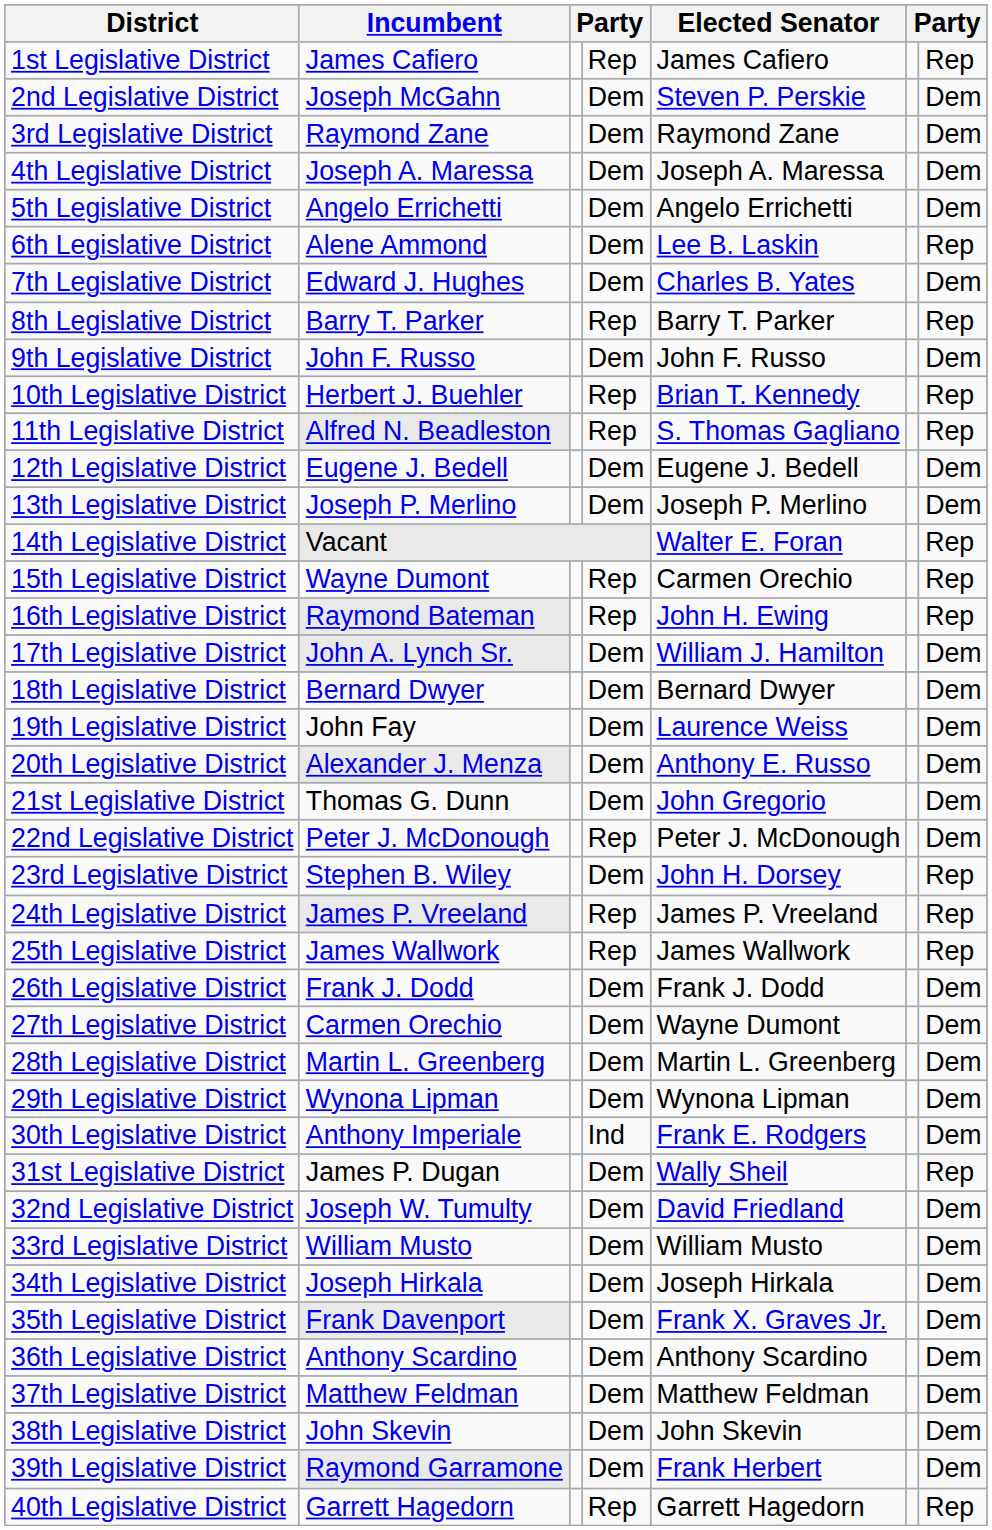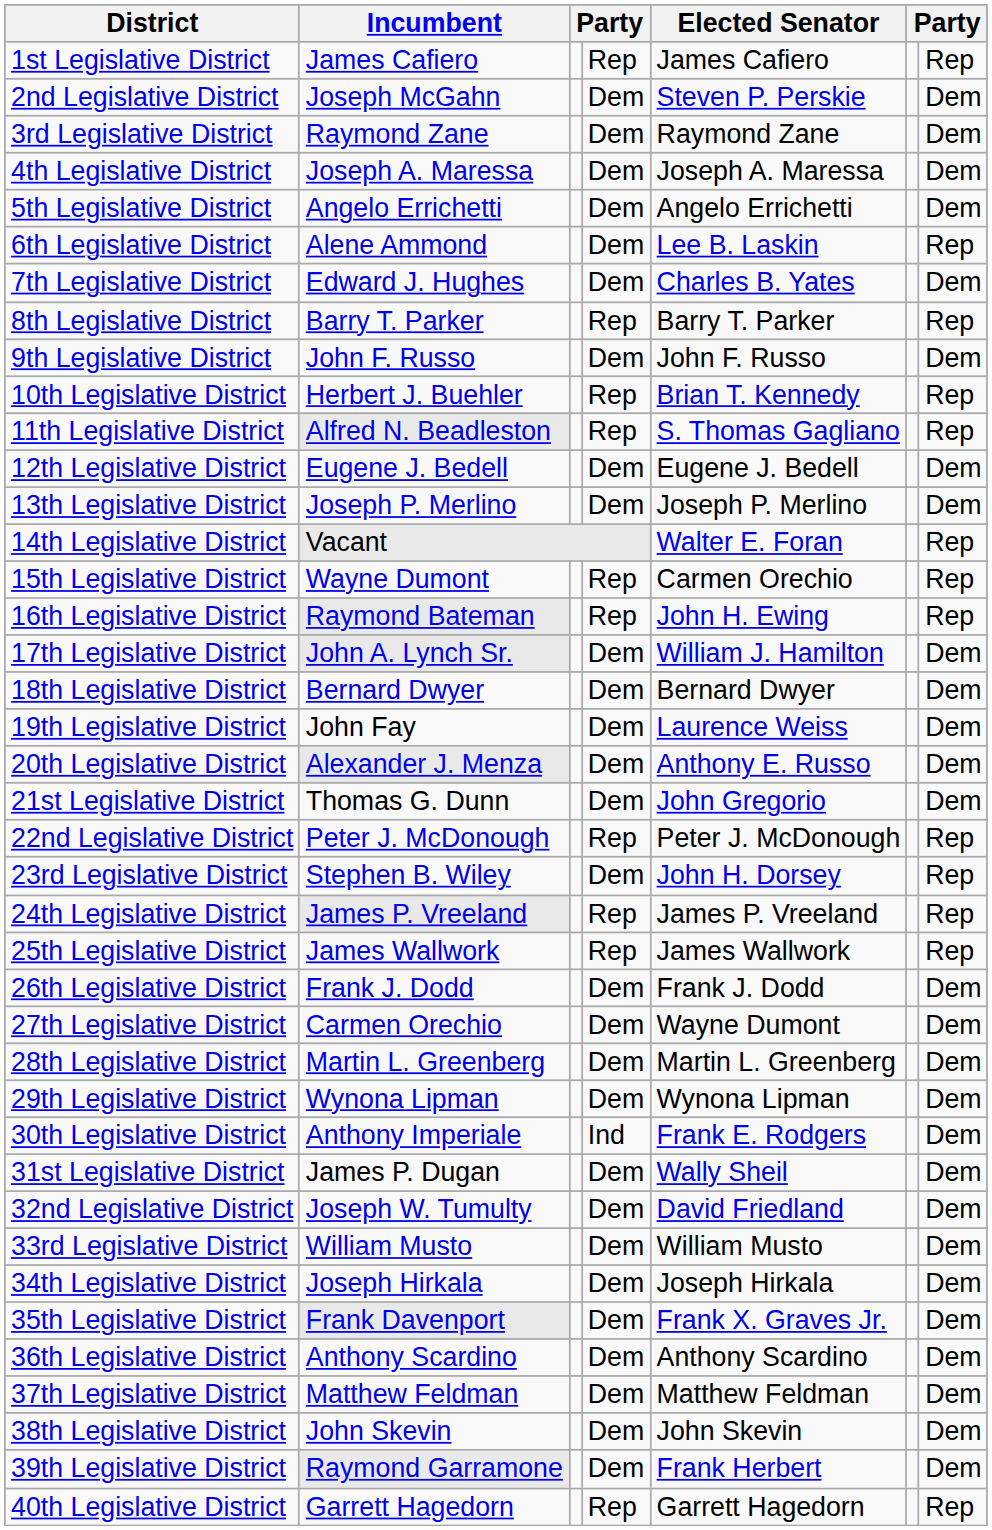 <table class="sortable wikitable" style="font-size:95%;line-height:14px;">
 <tr>
 <th>District</th>
 <th class="unsortable"><a href='#'>Incumbent</a></th>
 <th colspan="2">Party</th>
 <th class="unsortable">Elected Senator</th>
 <th colspan="2">Party</th>
 </tr>
 <tr>
 <td><a href='#'>1st Legislative District</a></td>
 <td><a href='#'>James Cafiero</a></td>
 <td style="background:"></td>
 <td>Rep</td>
 <td>James Cafiero</td>
 <td style="background:"></td>
 <td>Rep</td>
 </tr>
 <tr>
 <td><a href='#'>2nd Legislative District</a></td>
 <td><a href='#'>Joseph McGahn</a></td>
 <td style="background:"></td>
 <td>Dem</td>
 <td><a href='#'>Steven P. Perskie</a></td>
 <td style="background:"></td>
 <td>Dem</td>
 </tr>
 <tr>
 <td><a href='#'>3rd Legislative District</a></td>
 <td><a href='#'>Raymond Zane</a></td>
 <td style="background:"></td>
 <td>Dem</td>
 <td>Raymond Zane</td>
 <td style="background:"></td>
 <td>Dem</td>
 </tr>
 <tr>
 <td><a href='#'>4th Legislative District</a></td>
 <td><a href='#'>Joseph A. Maressa</a></td>
 <td style="background:"></td>
 <td>Dem</td>
 <td>Joseph A. Maressa</td>
 <td style="background:"></td>
 <td>Dem</td>
 </tr>
 <tr>
 <td><a href='#'>5th Legislative District</a></td>
 <td><a href='#'>Angelo Errichetti</a></td>
 <td style="background:"></td>
 <td>Dem</td>
 <td>Angelo Errichetti</td>
 <td style="background:"></td>
 <td>Dem</td>
 </tr>
 <tr>
 <td><a href='#'>6th Legislative District</a></td>
 <td><a href='#'>Alene Ammond</a></td>
 <td style="background:"></td>
 <td>Dem</td>
 <td><a href='#'>Lee B. Laskin</a></td>
 <td style="background:"></td>
 <td>Rep</td>
 </tr>
 <tr>
 <td><a href='#'>7th Legislative District</a></td>
 <td><a href='#'>Edward J. Hughes</a></td>
 <td style="background:"></td>
 <td>Dem</td>
 <td><a href='#'>Charles B. Yates</a></td>
 <td style="background:"></td>
 <td>Dem</td>
 </tr>
 <tr>
 <td><a href='#'>8th Legislative District</a></td>
 <td><a href='#'>Barry T. Parker</a></td>
 <td style="background:"></td>
 <td>Rep</td>
 <td>Barry T. Parker</td>
 <td style="background:"></td>
 <td>Rep</td>
 </tr>
 <tr>
 <td><a href='#'>9th Legislative District</a></td>
 <td><a href='#'>John F. Russo</a></td>
 <td style="background:"></td>
 <td>Dem</td>
 <td>John F. Russo</td>
 <td style="background:"></td>
 <td>Dem</td>
 </tr>
 <tr>
 <td><a href='#'>10th Legislative District</a></td>
 <td><a href='#'>Herbert J. Buehler</a></td>
 <td style="background:"></td>
 <td>Rep</td>
 <td><a href='#'>Brian T. Kennedy</a></td>
 <td style="background:"></td>
 <td>Rep</td>
 </tr>
 <tr>
 <td><a href='#'>11th Legislative District</a></td>
 <td style="background:#E9E9E9;"><a href='#'>Alfred N. Beadleston</a></td>
 <td style="background:"></td>
 <td>Rep</td>
 <td><a href='#'>S. Thomas Gagliano</a></td>
 <td style="background:"></td>
 <td>Rep</td>
 </tr>
 <tr>
 <td><a href='#'>12th Legislative District</a></td>
 <td><a href='#'>Eugene J. Bedell</a></td>
 <td style="background:"></td>
 <td>Dem</td>
 <td>Eugene J. Bedell</td>
 <td style="background:"></td>
 <td>Dem</td>
 </tr>
 <tr>
 <td><a href='#'>13th Legislative District</a></td>
 <td><a href='#'>Joseph P. Merlino</a></td>
 <td style="background:"></td>
 <td>Dem</td>
 <td>Joseph P. Merlino</td>
 <td style="background:"></td>
 <td>Dem</td>
 </tr>
 <tr>
 <td><a href='#'>14th Legislative District</a></td>
 <td colspan="3"  style="background:#E9E9E9;">Vacant</td>
 <td><a href='#'>Walter E. Foran</a></td>
 <td style="background:"></td>
 <td>Rep</td>
 </tr>
 <tr>
 <td><a href='#'>15th Legislative District</a></td>
 <td><a href='#'>Wayne Dumont</a></td>
 <td style="background:"></td>
 <td>Rep</td>
 <td>Carmen Orechio</td>
 <td style="background:"></td>
 <td>Rep</td>
 </tr>
 <tr>
 <td><a href='#'>16th Legislative District</a></td>
 <td style="background:#E9E9E9;"><a href='#'>Raymond Bateman</a></td>
 <td style="background:"></td>
 <td>Rep</td>
 <td><a href='#'>John H. Ewing</a></td>
 <td style="background:"></td>
 <td>Rep</td>
 </tr>
 <tr>
 <td><a href='#'>17th Legislative District</a></td>
 <td style="background:#E9E9E9;"><a href='#'>John A. Lynch Sr.</a></td>
 <td style="background:"></td>
 <td>Dem</td>
 <td><a href='#'>William J. Hamilton</a></td>
 <td style="background:"></td>
 <td>Dem</td>
 </tr>
 <tr>
 <td><a href='#'>18th Legislative District</a></td>
 <td><a href='#'>Bernard Dwyer</a></td>
 <td style="background:"></td>
 <td>Dem</td>
 <td>Bernard Dwyer</td>
 <td style="background:"></td>
 <td>Dem</td>
 </tr>
 <tr>
 <td><a href='#'>19th Legislative District</a></td>
 <td>John Fay</td>
 <td style="background:"></td>
 <td>Dem</td>
 <td><a href='#'>Laurence Weiss</a></td>
 <td style="background:"></td>
 <td>Dem</td>
 </tr>
 <tr>
 <td><a href='#'>20th Legislative District</a></td>
 <td style="background:#E9E9E9;"><a href='#'>Alexander J. Menza</a></td>
 <td style="background:"></td>
 <td>Dem</td>
 <td><a href='#'>Anthony E. Russo</a></td>
 <td style="background:"></td>
 <td>Dem</td>
 </tr>
 <tr>
 <td><a href='#'>21st Legislative District</a></td>
 <td>Thomas G. Dunn</td>
 <td style="background:"></td>
 <td>Dem</td>
 <td><a href='#'>John Gregorio</a></td>
 <td style="background:"></td>
 <td>Dem</td>
 </tr>
 <tr>
 <td><a href='#'>22nd Legislative District</a></td>
 <td><a href='#'>Peter J. McDonough</a></td>
 <td style="background:"></td>
 <td>Rep</td>
 <td>Peter J. McDonough</td>
 <td style="background:"></td>
-<td>Dem</td>
+<td>Rep</td>
 </tr>
 <tr>
 <td><a href='#'>23rd Legislative District</a></td>
 <td><a href='#'>Stephen B. Wiley</a></td>
 <td style="background:"></td>
 <td>Dem</td>
 <td><a href='#'>John H. Dorsey</a></td>
 <td style="background:"></td>
 <td>Rep</td>
 </tr>
 <tr>
 <td><a href='#'>24th Legislative District</a></td>
 <td style="background:#E9E9E9;"><a href='#'>James P. Vreeland</a></td>
 <td style="background:"></td>
 <td>Rep</td>
 <td>James P. Vreeland</td>
 <td style="background:"></td>
 <td>Rep</td>
 </tr>
 <tr>
 <td><a href='#'>25th Legislative District</a></td>
 <td><a href='#'>James Wallwork</a></td>
 <td style="background:"></td>
 <td>Rep</td>
 <td>James Wallwork</td>
 <td style="background:"></td>
 <td>Rep</td>
 </tr>
 <tr>
 <td><a href='#'>26th Legislative District</a></td>
 <td><a href='#'>Frank J. Dodd</a></td>
 <td style="background:"></td>
 <td>Dem</td>
 <td>Frank J. Dodd</td>
 <td style="background:"></td>
 <td>Dem</td>
 </tr>
 <tr>
 <td><a href='#'>27th Legislative District</a></td>
 <td><a href='#'>Carmen Orechio</a></td>
 <td style="background:"></td>
 <td>Dem</td>
 <td>Wayne Dumont</td>
 <td style="background:"></td>
 <td>Dem</td>
 </tr>
 <tr>
 <td><a href='#'>28th Legislative District</a></td>
 <td><a href='#'>Martin L. Greenberg</a></td>
 <td style="background:"></td>
 <td>Dem</td>
 <td>Martin L. Greenberg</td>
 <td style="background:"></td>
 <td>Dem</td>
 </tr>
 <tr>
 <td><a href='#'>29th Legislative District</a></td>
 <td><a href='#'>Wynona Lipman</a></td>
 <td style="background:"></td>
 <td>Dem</td>
 <td>Wynona Lipman</td>
 <td style="background:"></td>
 <td>Dem</td>
 </tr>
 <tr>
 <td><a href='#'>30th Legislative District</a></td>
 <td><a href='#'>Anthony Imperiale</a></td>
 <td style="background:"></td>
 <td>Ind</td>
 <td><a href='#'>Frank E. Rodgers</a></td>
 <td style="background:"></td>
 <td>Dem</td>
 </tr>
 <tr>
 <td><a href='#'>31st Legislative District</a></td>
 <td>James P. Dugan</td>
 <td style="background:"></td>
 <td>Dem</td>
 <td><a href='#'>Wally Sheil</a></td>
 <td style="background:"></td>
-<td>Rep</td>
+<td>Dem</td>
 </tr>
 <tr>
 <td><a href='#'>32nd Legislative District</a></td>
 <td><a href='#'>Joseph W. Tumulty</a></td>
 <td style="background:"></td>
 <td>Dem</td>
 <td><a href='#'>David Friedland</a></td>
 <td style="background:"></td>
 <td>Dem</td>
 </tr>
 <tr>
 <td><a href='#'>33rd Legislative District</a></td>
 <td><a href='#'>William Musto</a></td>
 <td style="background:"></td>
 <td>Dem</td>
 <td>William Musto</td>
 <td style="background:"></td>
 <td>Dem</td>
 </tr>
 <tr>
 <td><a href='#'>34th Legislative District</a></td>
 <td><a href='#'>Joseph Hirkala</a></td>
 <td style="background:"></td>
 <td>Dem</td>
 <td>Joseph Hirkala</td>
 <td style="background:"></td>
 <td>Dem</td>
 </tr>
 <tr>
 <td><a href='#'>35th Legislative District</a></td>
 <td style="background:#E9E9E9;"><a href='#'>Frank Davenport</a></td>
 <td style="background:"></td>
 <td>Dem</td>
 <td><a href='#'>Frank X. Graves Jr.</a></td>
 <td style="background:"></td>
 <td>Dem</td>
 </tr>
 <tr>
 <td><a href='#'>36th Legislative District</a></td>
 <td><a href='#'>Anthony Scardino</a></td>
 <td style="background:"></td>
 <td>Dem</td>
 <td>Anthony Scardino</td>
 <td style="background:"></td>
 <td>Dem</td>
 </tr>
 <tr>
 <td><a href='#'>37th Legislative District</a></td>
 <td><a href='#'>Matthew Feldman</a></td>
 <td style="background:"></td>
 <td>Dem</td>
 <td>Matthew Feldman</td>
 <td style="background:"></td>
 <td>Dem</td>
 </tr>
 <tr>
 <td><a href='#'>38th Legislative District</a></td>
 <td><a href='#'>John Skevin</a></td>
 <td style="background:"></td>
 <td>Dem</td>
 <td>John Skevin</td>
 <td style="background:"></td>
 <td>Dem</td>
 </tr>
 <tr>
 <td><a href='#'>39th Legislative District</a></td>
 <td style="background:#E9E9E9;"><a href='#'>Raymond Garramone</a></td>
 <td style="background:"></td>
 <td>Dem</td>
 <td><a href='#'>Frank Herbert</a></td>
 <td style="background:"></td>
 <td>Dem</td>
 </tr>
 <tr>
 <td><a href='#'>40th Legislative District</a></td>
 <td><a href='#'>Garrett Hagedorn</a></td>
 <td style="background:"></td>
 <td>Rep</td>
 <td>Garrett Hagedorn</td>
 <td style="background:"></td>
 <td>Rep</td>
 </tr>
 </table>
